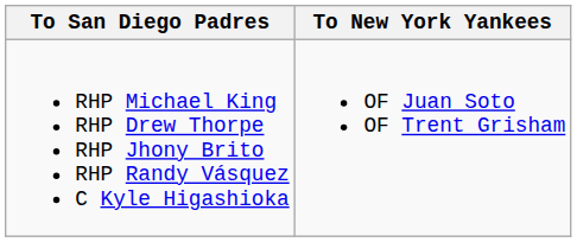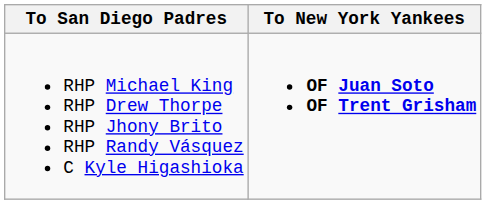 <table class="wikitable">
 <tr>
 <th>To San Diego Padres</th>
 <th>To New York Yankees</th>
 </tr>
 <tr>
 <td valign="top"><br><ul><li>RHP <a href='#'>Michael King</a></li><li>RHP <a href='#'>Drew Thorpe</a></li><li>RHP <a href='#'>Jhony Brito</a></li><li>RHP <a href='#'>Randy Vásquez</a></li><li>C <a href='#'>Kyle Higashioka</a></li></ul></td>
-<td valign="top"><br><ul><li>OF <a href='#'>Juan Soto</a></li><li>OF <a href='#'>Trent Grisham</a></li></ul></td>
+<td valign="top"><strong><br><ul><li>OF <a href='#'>Juan Soto</a></li><li>OF <a href='#'>Trent Grisham</a></li></ul></strong></td>
 </tr>
 </table>
